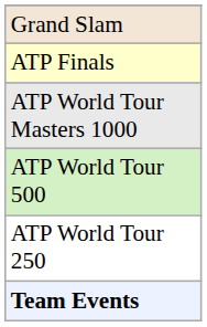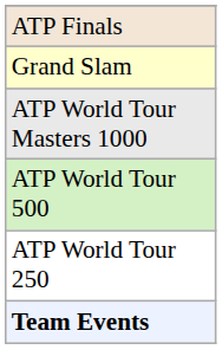 <table class="wikitable" style="font-size:85%; width:13%;">
 <tr>
 </tr>
 <tr bgcolor=#F3E6D7>
-<td>Grand Slam</td>
+<td>ATP Finals</td>
 </tr>
 <tr bgcolor=#ffffcc>
-<td>ATP Finals</td>
+<td>Grand Slam</td>
 </tr>
 <tr bgcolor=#E9E9E9>
 <td>ATP World Tour Masters 1000</td>
 </tr>
 <tr bgcolor=#D4F1C5>
 <td>ATP World Tour 500</td>
 </tr>
 <tr bgcolor=#ffffff>
 <td>ATP World Tour 250</td>
 </tr>
 <tr bgcolor=#ECF2FF>
 <td><strong>Team Events</strong></td>
 </tr>
 </table>
